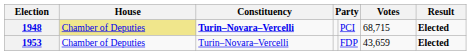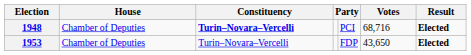 <table class=wikitable style="width:60%; border:1px #AAAAFF solid">
 <tr>
 <th width=12%>Election</th>
 <th width=30%>House</th>
 <th width=30%>Constituency</th>
 <th width=5% colspan="2">Party</th>
 <th width=12%>Votes</th>
 <th width=20%>Result</th>
 </tr>
 <tr>
 <th><a href='#'>1948</a></th>
-<td style="background: khaki;"><a href='#'>Chamber of Deputies</a></td>
+<td><a href='#'>Chamber of Deputies</a></td>
 <td><strong><a href='#'>Turin–Novara–Vercelli</a></strong></td>
 <td></td>
 <td><a href='#'>PCI</a></td>
-<td>68,715</td>
+<td>68,716</td>
 <td> <strong>Elected</strong></td>
 </tr>
 <tr>
 <th><a href='#'>1953</a></th>
 <td><a href='#'>Chamber of Deputies</a></td>
 <td><a href='#'>Turin–Novara–Vercelli</a></td>
 <td></td>
 <td><a href='#'>FDP</a></td>
-<td>43,659</td>
+<td>43,650</td>
 <td> <strong>Elected</strong></td>
 </tr>
 </table>
